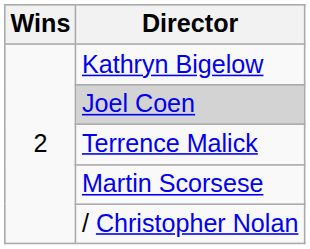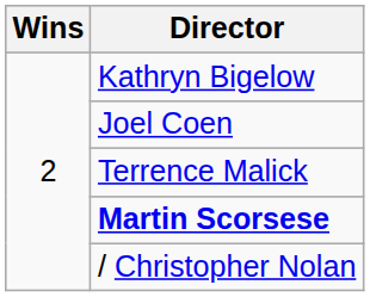 <table class="wikitable sortable">
 <tr>
 <th>Wins</th>
 <th>Director</th>
 </tr>
 <tr>
 <td rowspan="5" style="text-align:center">2</td>
 <td> <a href='#'>Kathryn Bigelow</a></td>
 </tr>
 <tr>
-<td style="background: lightgrey;"> <a href='#'>Joel Coen</a></td>
+<td> <a href='#'>Joel Coen</a></td>
 </tr>
 <tr>
 <td> <a href='#'>Terrence Malick</a></td>
 </tr>
 <tr>
-<td> <a href='#'>Martin Scorsese</a></td>
+<td><strong> <a href='#'>Martin Scorsese</a></strong></td>
 </tr>
 <tr>
 <td> /  <a href='#'>Christopher Nolan</a></td>
 </tr>
 </table>
